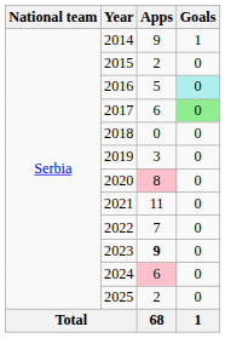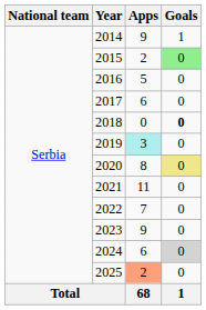 <table class="wikitable" style="text-align:center">
 <tr>
 <th>National team</th>
 <th>Year</th>
 <th>Apps</th>
 <th>Goals</th>
 </tr>
 <tr>
 <td rowspan="12"><a href='#'>Serbia</a></td>
 <td>2014</td>
 <td>9</td>
 <td>1</td>
 </tr>
 <tr>
 <td>2015</td>
 <td>2</td>
-<td>0</td>
+<td style="background: lightgreen;">0</td>
 </tr>
 <tr>
 <td>2016</td>
 <td>5</td>
-<td style="background: paleturquoise;">0</td>
+<td>0</td>
 </tr>
 <tr>
 <td>2017</td>
 <td>6</td>
-<td style="background: lightgreen;">0</td>
+<td>0</td>
 </tr>
 <tr>
 <td>2018</td>
 <td>0</td>
-<td>0</td>
+<td><strong>0</strong></td>
 </tr>
 <tr>
 <td>2019</td>
-<td>3</td>
+<td style="background: paleturquoise;">3</td>
 <td>0</td>
 </tr>
 <tr>
 <td>2020</td>
-<td style="background: pink;">8</td>
-<td>0</td>
+<td>8</td>
+<td style="background: khaki;">0</td>
 </tr>
 <tr>
 <td>2021</td>
 <td>11</td>
 <td>0</td>
 </tr>
 <tr>
 <td>2022</td>
 <td>7</td>
 <td>0</td>
 </tr>
 <tr>
 <td>2023</td>
-<td><strong>9</strong></td>
+<td>9</td>
 <td>0</td>
 </tr>
 <tr>
 <td>2024</td>
-<td style="background: pink;">6</td>
-<td>0</td>
+<td>6</td>
+<td style="background: lightgrey;">0</td>
 </tr>
 <tr>
 <td>2025</td>
-<td>2</td>
+<td style="background: lightsalmon;">2</td>
 <td>0</td>
 </tr>
 <tr>
 <th colspan="2">Total</th>
 <th>68</th>
 <th>1</th>
 </tr>
 </table>
